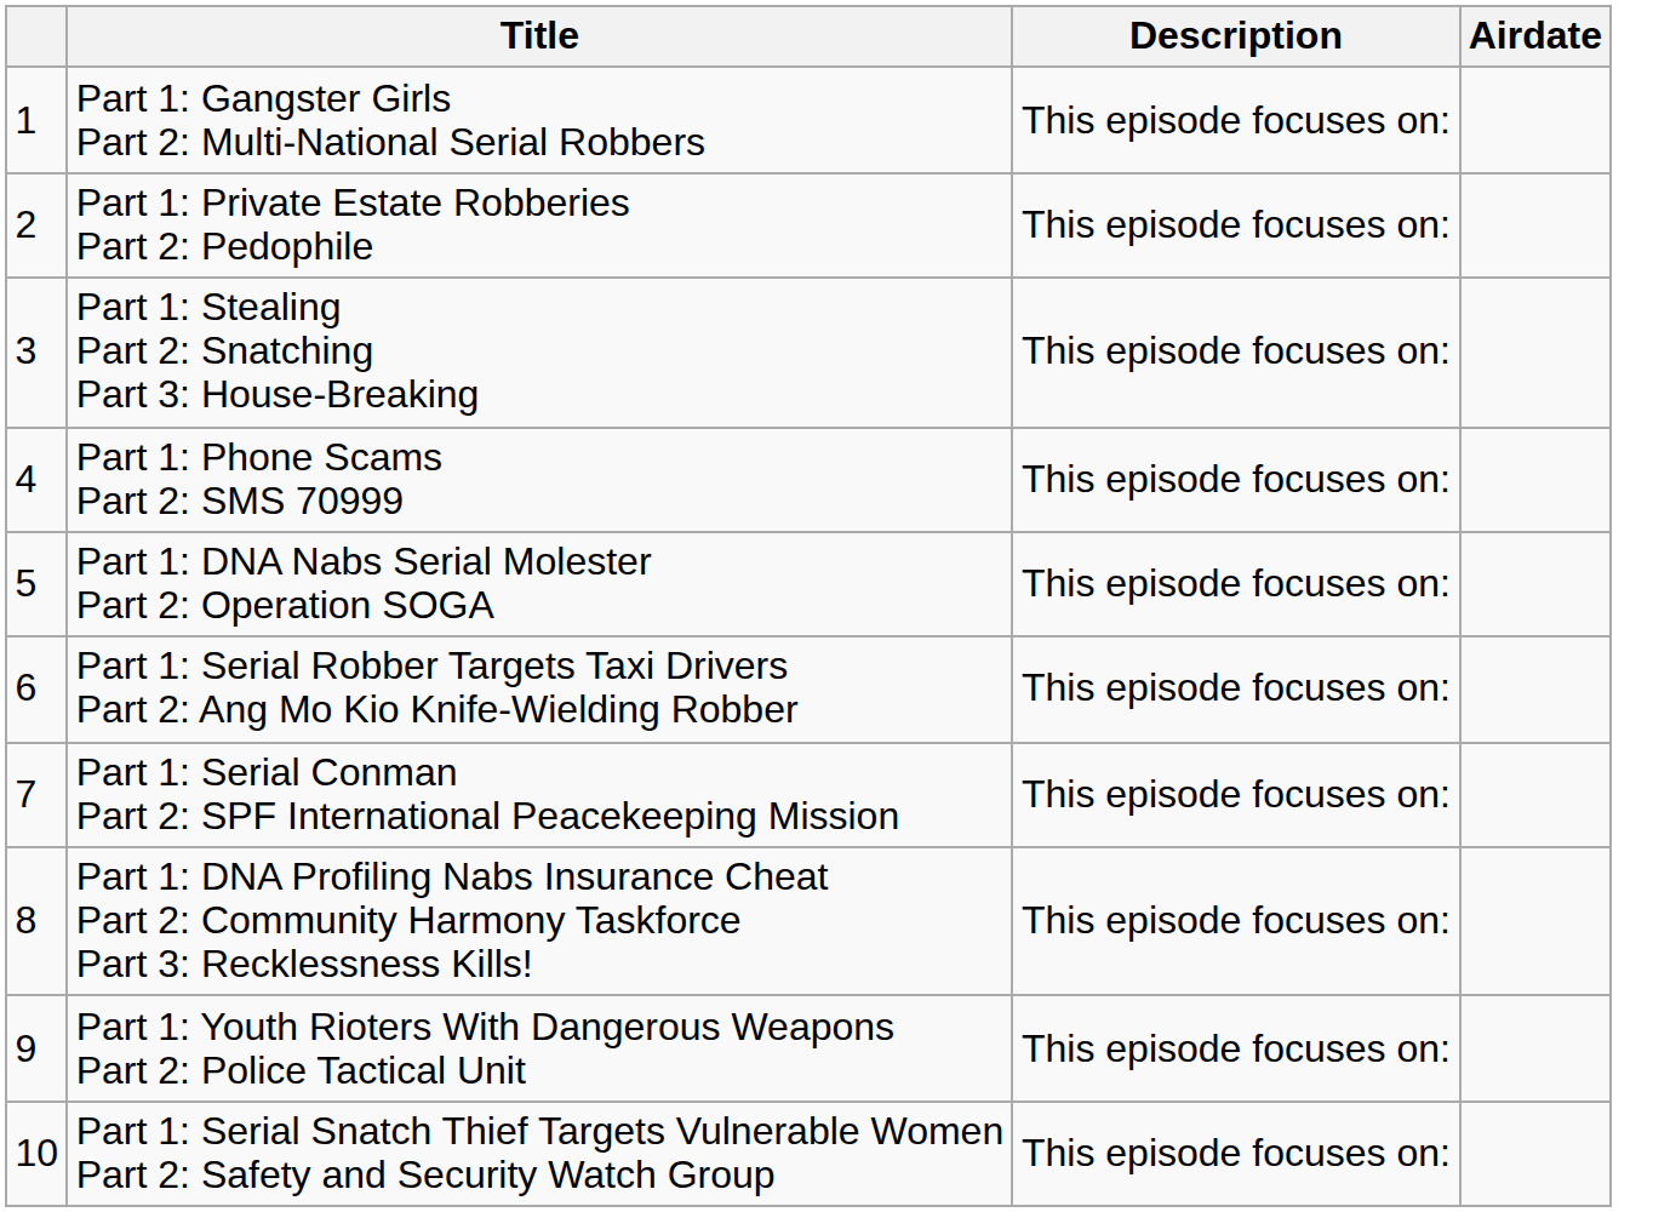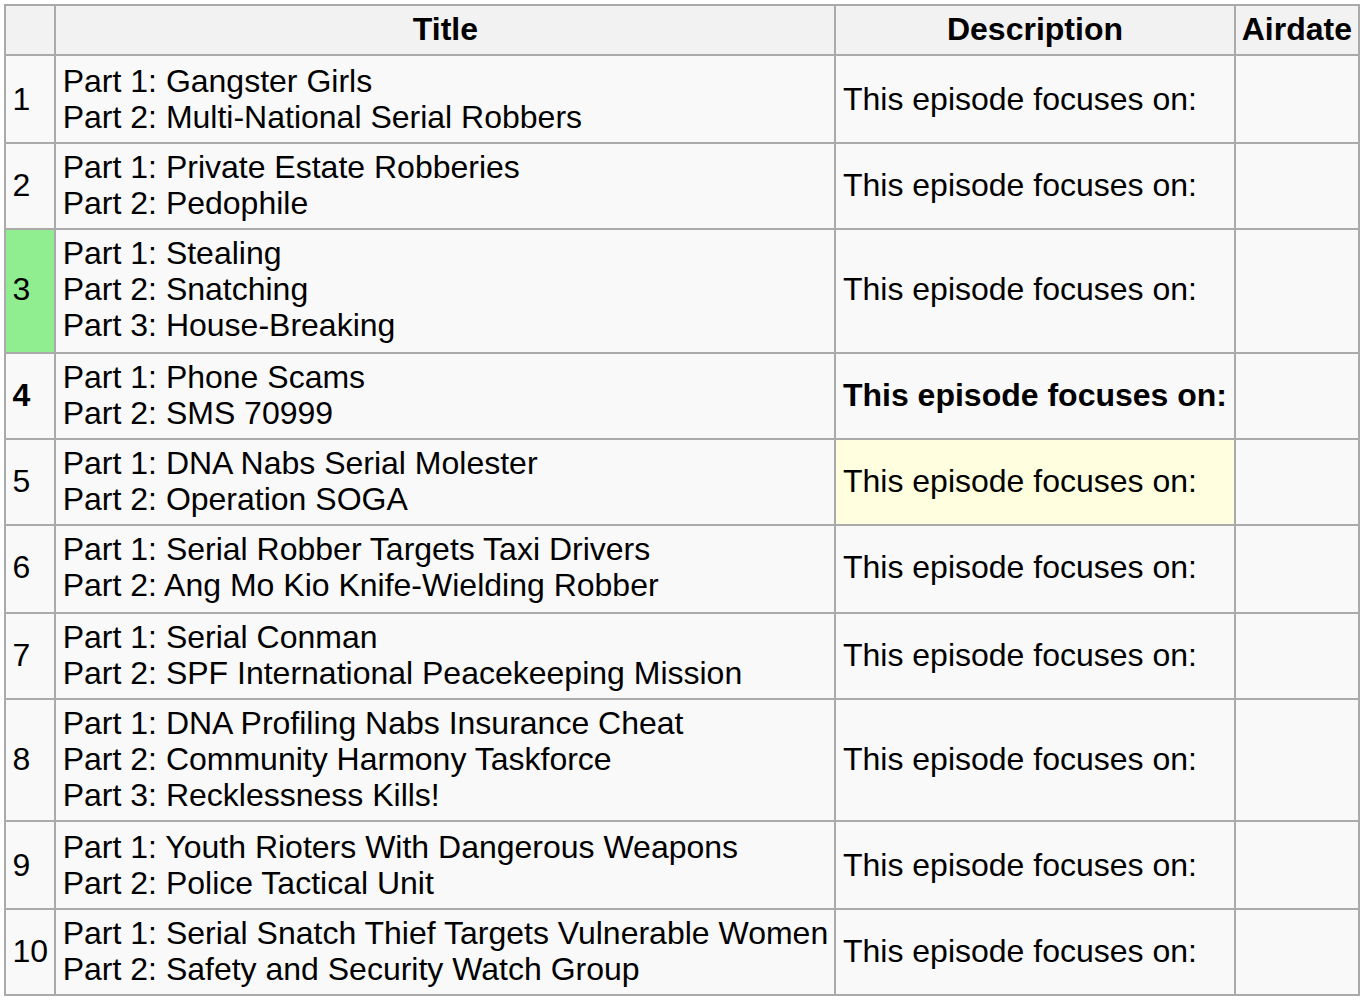 <table class="wikitable">
 <tr>
 <th></th>
 <th>Title</th>
 <th>Description</th>
 <th>Airdate</th>
 </tr>
 <tr>
 <td>1</td>
 <td>Part 1: Gangster Girls <br>Part 2: Multi-National Serial Robbers</td>
 <td>This episode focuses on:</td>
 <td></td>
 </tr>
 <tr>
 <td>2</td>
 <td>Part 1: Private Estate Robberies <br>Part 2: Pedophile</td>
 <td>This episode focuses on:</td>
 <td></td>
 </tr>
 <tr>
-<td>3</td>
+<td style="background: lightgreen;">3</td>
 <td>Part 1: Stealing <br>Part 2: Snatching <br>Part 3: House-Breaking</td>
 <td>This episode focuses on:</td>
 <td></td>
 </tr>
 <tr>
-<td>4</td>
+<td><strong>4</strong></td>
 <td>Part 1: Phone Scams <br>Part 2: SMS 70999</td>
-<td>This episode focuses on:</td>
+<td><strong>This episode focuses on:</strong></td>
 <td></td>
 </tr>
 <tr>
 <td>5</td>
 <td>Part 1: DNA Nabs Serial Molester <br>Part 2: Operation SOGA</td>
-<td>This episode focuses on:</td>
+<td style="background: lightyellow;">This episode focuses on:</td>
 <td></td>
 </tr>
 <tr>
 <td>6</td>
 <td>Part 1: Serial Robber Targets Taxi Drivers <br>Part 2: Ang Mo Kio Knife-Wielding Robber</td>
 <td>This episode focuses on:</td>
 <td></td>
 </tr>
 <tr>
 <td>7</td>
 <td>Part 1: Serial Conman <br>Part 2: SPF International Peacekeeping Mission</td>
 <td>This episode focuses on:</td>
 <td></td>
 </tr>
 <tr>
 <td>8</td>
 <td>Part 1: DNA Profiling Nabs Insurance Cheat <br>Part 2: Community Harmony Taskforce <br>Part 3: Recklessness Kills!</td>
 <td>This episode focuses on:</td>
 <td></td>
 </tr>
 <tr>
 <td>9</td>
 <td>Part 1: Youth Rioters With Dangerous Weapons <br>Part 2: Police Tactical Unit</td>
 <td>This episode focuses on:</td>
 <td></td>
 </tr>
 <tr>
 <td>10</td>
 <td>Part 1: Serial Snatch Thief Targets Vulnerable Women <br>Part 2: Safety and Security Watch Group</td>
 <td>This episode focuses on:</td>
 <td></td>
 </tr>
 <tr>
 </tr>
 </table>
